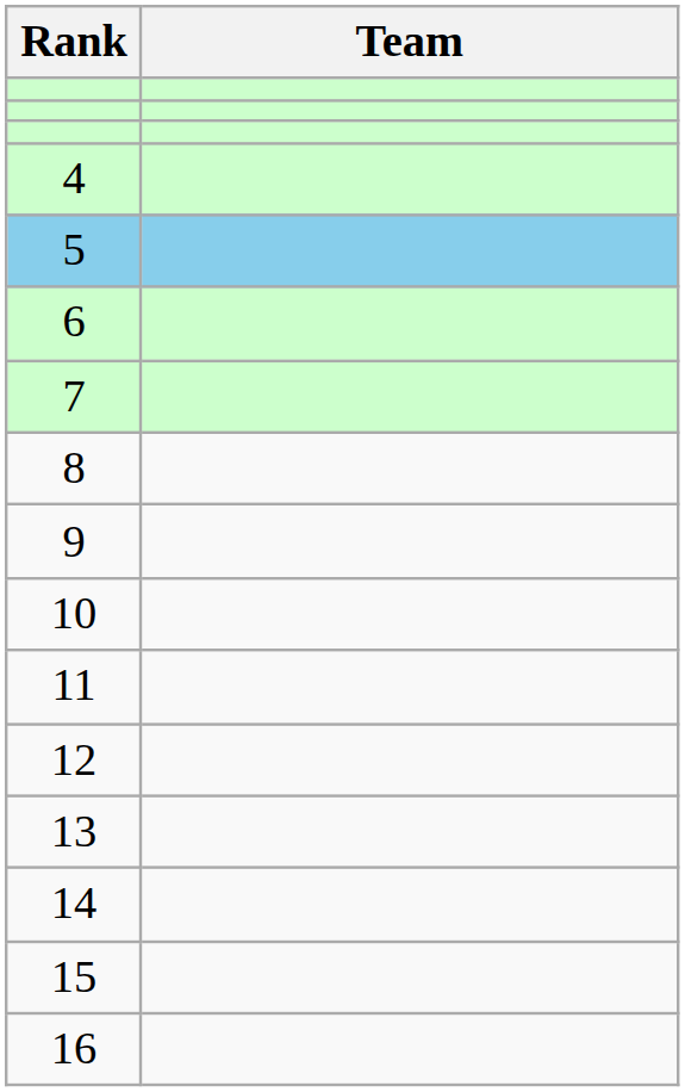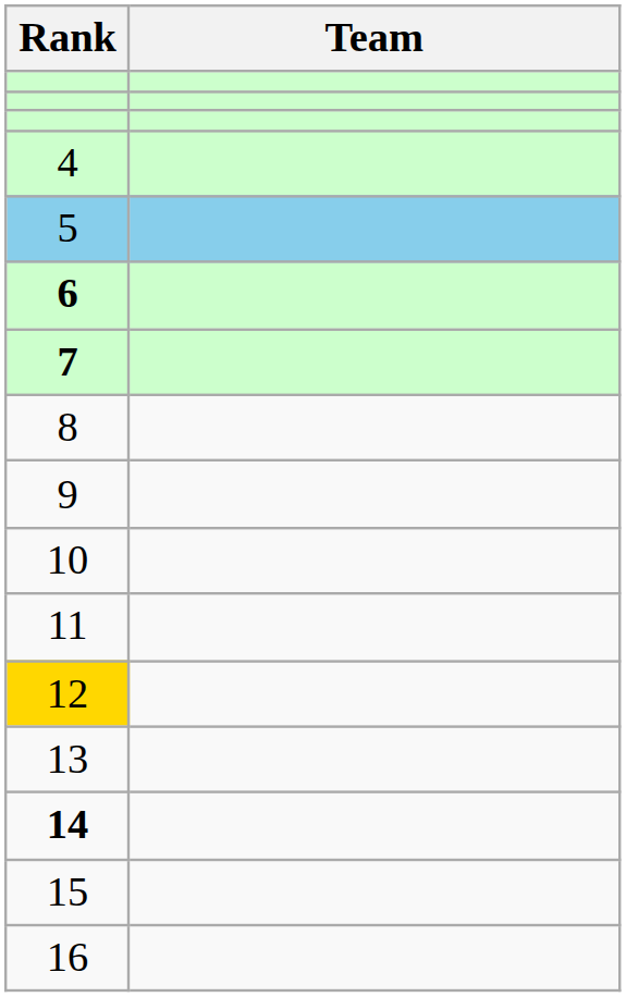 <table class="wikitable" style="text-align: center;">
 <tr>
 <th width=40>Rank</th>
 <th width=180>Team</th>
 </tr>
 <tr bgcolor=#ccffcc>
 <td></td>
 <td align=left></td>
 </tr>
 <tr bgcolor=#ccffcc>
 <td></td>
 <td align=left></td>
 </tr>
 <tr bgcolor=#ccffcc>
 <td></td>
 <td align=left></td>
 </tr>
 <tr bgcolor=#ccffcc>
 <td>4</td>
 <td align=left></td>
 </tr>
 <tr bgcolor=#87ceeb>
 <td>5</td>
 <td align=left></td>
 </tr>
 <tr bgcolor=#ccffcc>
-<td>6</td>
+<td><strong>6</strong></td>
 <td align=left></td>
 </tr>
 <tr bgcolor=#ccffcc>
-<td>7</td>
+<td><strong>7</strong></td>
 <td align=left></td>
 </tr>
 <tr>
 <td>8</td>
 <td align=left></td>
 </tr>
 <tr>
 <td>9</td>
 <td align=left></td>
 </tr>
 <tr>
 <td>10</td>
 <td align=left></td>
 </tr>
 <tr>
 <td>11</td>
 <td align=left></td>
 </tr>
 <tr>
-<td>12</td>
+<td style="background: gold;">12</td>
 <td align=left></td>
 </tr>
 <tr>
 <td>13</td>
 <td align=left></td>
 </tr>
 <tr>
-<td>14</td>
+<td><strong>14</strong></td>
 <td align=left></td>
 </tr>
 <tr>
 <td>15</td>
 <td align=left></td>
 </tr>
 <tr>
 <td>16</td>
 <td align=left></td>
 </tr>
 </table>
